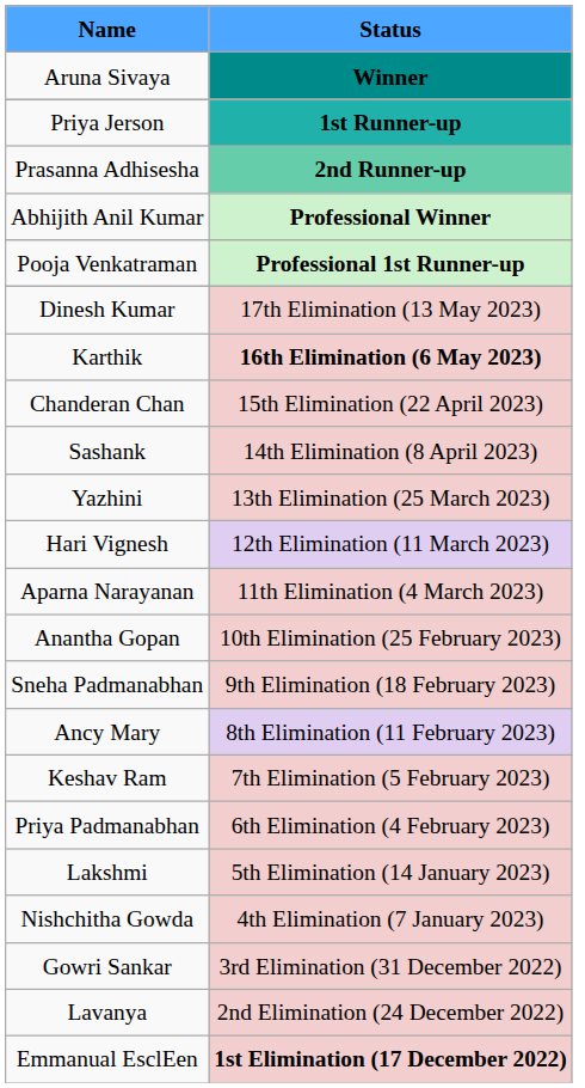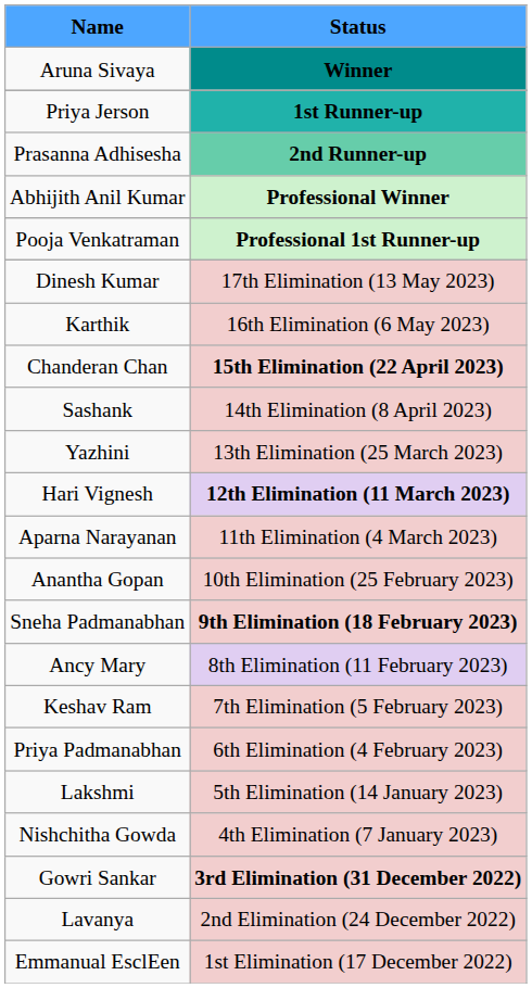 <table class="wikitable sortable" style=" text-align:center; font-size:100%;  line-height:25px; width:auto;">
 <tr>
 <th scope="col" style ="background: #4da6ff;"style="background: #0000A0 ;color:white">Name</th>
 <th scope="col" style ="background: #4da6ff;"style="background: #0000A0 ;color:white">Status</th>
 </tr>
 <tr>
 <td>Aruna Sivaya</td>
 <td bgcolor="008B8B"><strong> Winner</strong></td>
 </tr>
 <tr>
 </tr>
 <tr>
 <td>Priya Jerson</td>
 <td bgcolor="20B2AA"><strong>1st Runner-up</strong></td>
 </tr>
 <tr>
 <td>Prasanna Adhisesha</td>
 <td bgcolor="66CDAA"><strong>2nd  Runner-up</strong></td>
 </tr>
 <tr>
 <td>Abhijith Anil Kumar</td>
 <td bgcolor="#CEF2CE"><strong>Professional Winner</strong></td>
 </tr>
 <tr>
 </tr>
 <tr>
 <td>Pooja Venkatraman</td>
 <td bgcolor="#CEF2CE"><strong>Professional 1st Runner-up</strong></td>
 </tr>
 <tr>
 </tr>
 <tr>
 <td>Dinesh Kumar</td>
 <td bgcolor="#f2cece">17th Elimination (13 May 2023)</td>
 </tr>
 <tr>
 <td>Karthik</td>
-<td bgcolor="#f2cece"><strong>16th Elimination (6 May 2023)</strong></td>
+<td bgcolor="#f2cece">16th Elimination (6 May 2023)</td>
 </tr>
 <tr>
 <td>Chanderan Chan</td>
-<td bgcolor="#f2cece">15th Elimination (22 April 2023)</td>
+<td bgcolor="#f2cece"><strong>15th Elimination (22 April 2023)</strong></td>
 </tr>
 <tr>
 <td>Sashank</td>
 <td bgcolor="#f2cece">14th Elimination (8 April 2023)</td>
 </tr>
 <tr>
 <td>Yazhini</td>
 <td bgcolor="#f2cece">13th Elimination (25 March 2023)</td>
 </tr>
 <tr>
 <td>Hari Vignesh</td>
-<td bgcolor="#E0CEF2">12th Elimination (11 March 2023)</td>
+<td bgcolor="#E0CEF2"><strong>12th Elimination (11 March 2023)</strong></td>
 </tr>
 <tr>
 <td>Aparna Narayanan</td>
 <td bgcolor="#f2cece">11th Elimination (4 March 2023)</td>
 </tr>
 <tr>
 <td>Anantha Gopan</td>
 <td bgcolor="#f2cece">10th Elimination (25 February 2023)</td>
 </tr>
 <tr>
 <td>Sneha Padmanabhan</td>
-<td bgcolor="#f2cece">9th Elimination (18 February 2023)</td>
+<td bgcolor="#f2cece"><strong>9th Elimination (18 February 2023)</strong></td>
 </tr>
 <tr>
 <td>Ancy Mary</td>
 <td bgcolor="#E0CEF2">8th Elimination (11 February 2023) <br></td>
 </tr>
 <tr>
 <td>Keshav Ram</td>
 <td bgcolor="#f2cece">7th Elimination (5 February 2023)</td>
 </tr>
 <tr>
 <td>Priya Padmanabhan</td>
 <td bgcolor="#f2cece">6th Elimination (4 February 2023)</td>
 </tr>
 <tr>
 <td>Lakshmi</td>
 <td bgcolor="#f2cece">5th Elimination (14 January 2023)</td>
 </tr>
 <tr>
 <td>Nishchitha Gowda</td>
 <td bgcolor="#f2cece">4th Elimination (7 January 2023)</td>
 </tr>
 <tr>
 <td>Gowri Sankar</td>
-<td bgcolor="#f2cece">3rd Elimination (31 December 2022)</td>
+<td bgcolor="#f2cece"><strong>3rd Elimination (31 December 2022)</strong></td>
 </tr>
 <tr>
 <td>Lavanya</td>
 <td bgcolor="#f2cece">2nd Elimination (24 December 2022)</td>
 </tr>
 <tr>
 <td>Emmanual EsclEen</td>
-<td bgcolor="#f2cece"><strong>1st Elimination (17 December 2022)</strong></td>
+<td bgcolor="#f2cece">1st Elimination (17 December 2022)</td>
 </tr>
 </table>
